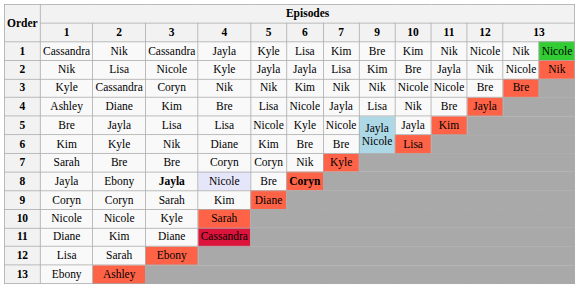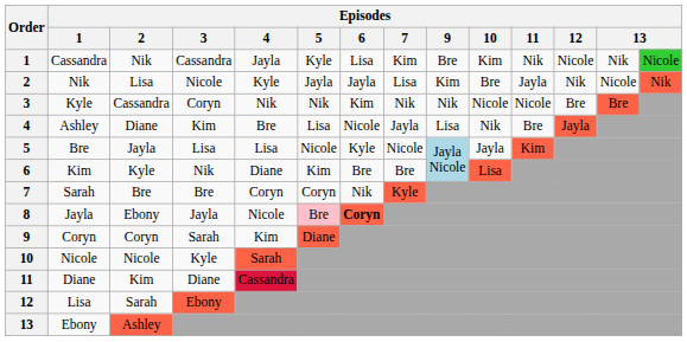 <table class="wikitable" style="text-align:center; font-size:92%">
 <tr>
 <th rowspan=2>Order</th>
 <th colspan=13>Episodes</th>
 </tr>
 <tr>
 <th>1</th>
 <th>2</th>
 <th>3</th>
 <th>4</th>
 <th>5</th>
 <th>6</th>
 <th>7</th>
 <th>9</th>
 <th>10</th>
 <th>11</th>
 <th>12</th>
 <th colspan=2>13</th>
 </tr>
 <tr>
 <th>1</th>
 <td>Cassandra</td>
 <td>Nik</td>
 <td>Cassandra</td>
 <td>Jayla</td>
 <td>Kyle</td>
 <td>Lisa</td>
 <td>Kim</td>
 <td>Bre</td>
 <td>Kim</td>
 <td>Nik</td>
 <td>Nicole</td>
 <td>Nik</td>
 <td style="background:limegreen;">Nicole</td>
 </tr>
 <tr>
 <th>2</th>
 <td>Nik</td>
 <td>Lisa</td>
 <td>Nicole</td>
 <td>Kyle</td>
 <td>Jayla</td>
 <td>Jayla</td>
 <td>Lisa</td>
 <td>Kim</td>
 <td>Bre</td>
 <td>Jayla</td>
 <td>Nik</td>
 <td>Nicole</td>
 <td style="background:tomato;">Nik</td>
 </tr>
 <tr>
 <th>3</th>
 <td>Kyle</td>
 <td>Cassandra</td>
 <td>Coryn</td>
 <td>Nik</td>
 <td>Nik</td>
 <td>Kim</td>
 <td>Nik</td>
 <td>Nik</td>
 <td>Nicole</td>
 <td>Nicole</td>
 <td>Bre</td>
 <td style="background:tomato;">Bre</td>
 <td style="background:darkgrey;"></td>
 </tr>
 <tr>
 <th>4</th>
 <td>Ashley</td>
 <td>Diane</td>
 <td>Kim</td>
 <td>Bre</td>
 <td>Lisa</td>
 <td>Nicole</td>
 <td>Jayla</td>
 <td>Lisa</td>
 <td>Nik</td>
 <td>Bre</td>
 <td style="background:tomato;">Jayla</td>
 <td style="background:darkgrey;" colspan="2"></td>
 </tr>
 <tr>
 <th>5</th>
 <td>Bre</td>
 <td>Jayla</td>
 <td>Lisa</td>
 <td>Lisa</td>
 <td>Nicole</td>
 <td>Kyle</td>
 <td>Nicole</td>
 <td style="background:lightblue;" rowspan="2">Jayla<br>Nicole</td>
 <td>Jayla</td>
 <td style="background:tomato;">Kim</td>
 <td style="background:darkgrey;" colspan="3"></td>
 </tr>
 <tr>
 <th>6</th>
 <td>Kim</td>
 <td>Kyle</td>
 <td>Nik</td>
 <td>Diane</td>
 <td>Kim</td>
 <td>Bre</td>
 <td>Bre</td>
 <td style="background:tomato;">Lisa</td>
 <td style="background:darkgrey;" colspan="4"></td>
 </tr>
 <tr>
 <th>7</th>
 <td>Sarah</td>
 <td>Bre</td>
 <td>Bre</td>
 <td>Coryn</td>
 <td>Coryn</td>
 <td>Nik</td>
 <td style="background:tomato;">Kyle</td>
 <td style="background:darkgrey;" colspan="6"></td>
 </tr>
 <tr>
 <th>8</th>
 <td>Jayla</td>
 <td>Ebony</td>
-<td><strong>Jayla</strong></td>
-<td style="background: lavender;">Nicole</td>
-<td>Bre</td>
+<td>Jayla</td>
+<td>Nicole</td>
+<td style="background: pink;">Bre</td>
 <td style="background:tomato;"><strong>Coryn</strong></td>
 <td style="background:darkgrey;" colspan="7"></td>
 </tr>
 <tr>
 <th>9</th>
 <td>Coryn</td>
 <td>Coryn</td>
 <td>Sarah</td>
 <td>Kim</td>
 <td style="background:tomato;">Diane</td>
 <td style="background:darkgrey;" colspan="8"></td>
 </tr>
 <tr>
 <th>10</th>
 <td>Nicole</td>
 <td>Nicole</td>
 <td>Kyle</td>
 <td style="background:tomato;">Sarah</td>
 <td style="background:darkgrey;" colspan="9"></td>
 </tr>
 <tr>
 <th>11</th>
 <td>Diane</td>
 <td>Kim</td>
 <td>Diane</td>
 <td style="background:crimson;"><span>Cassandra</span></td>
 <td colspan="9" style="background:darkgrey;"></td>
 </tr>
 <tr>
 <th>12</th>
 <td>Lisa</td>
 <td>Sarah</td>
 <td style="background:tomato;">Ebony</td>
 <td colspan="10" style="background:darkgrey;"></td>
 </tr>
 <tr>
 <th>13</th>
 <td>Ebony</td>
 <td style="background:tomato;">Ashley</td>
 <td colspan="11" style="background:darkgrey;"></td>
 </tr>
 </table>
